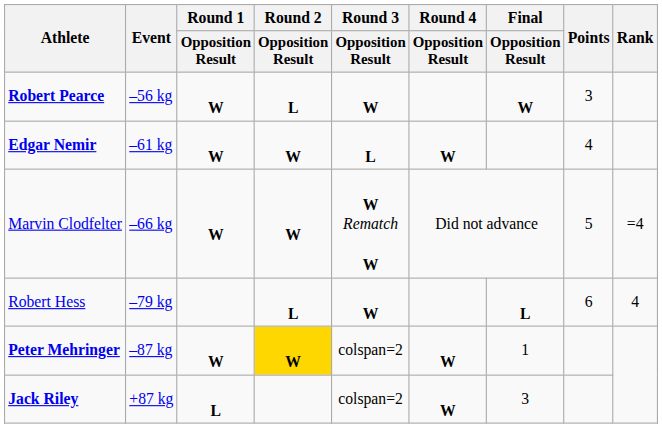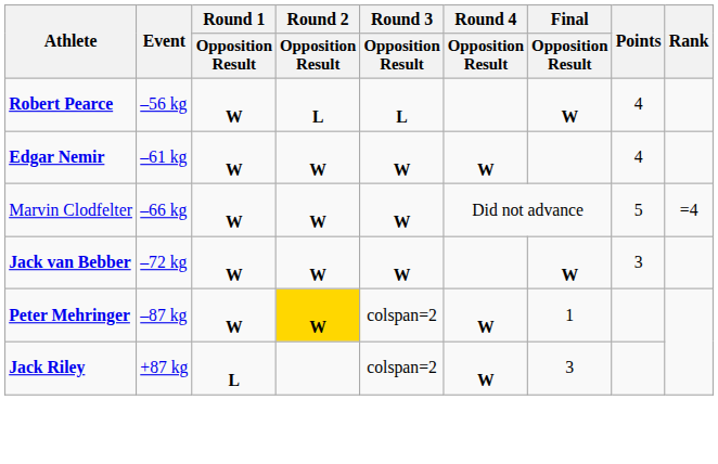 <table class="wikitable" style="font-size:90%;">
 <tr>
 <th rowspan=2>Athlete</th>
 <th rowspan=2>Event</th>
 <th>Round 1</th>
 <th>Round 2</th>
 <th>Round 3</th>
 <th>Round 4</th>
 <th>Final</th>
 <th rowspan=2>Points</th>
 <th rowspan=2>Rank</th>
 </tr>
 <tr style="font-size: 95%">
 <th>Opposition<br>Result</th>
 <th>Opposition<br>Result</th>
 <th>Opposition<br>Result</th>
 <th>Opposition<br>Result</th>
 <th>Opposition<br>Result</th>
 </tr>
 <tr align=center>
 <td align=left><strong><a href='#'>Robert Pearce</a></strong></td>
 <td align=left><a href='#'>–56 kg</a></td>
 <td><br><strong>W</strong> <sup></sup></td>
 <td><br><strong>L</strong> <sup></sup></td>
-<td><br><strong>W</strong> <sup></sup></td>
+<td><br><strong>L</strong> <sup></sup></td>
 <td></td>
 <td><br><strong>W</strong> <sup></sup></td>
-<td>3</td>
+<td>4</td>
 <td></td>
 </tr>
 <tr align=center>
 <td align=left><strong><a href='#'>Edgar Nemir</a></strong></td>
 <td align=left><a href='#'>–61 kg</a></td>
 <td><br><strong>W</strong> <sup></sup></td>
 <td><br><strong>W</strong> <sup></sup></td>
-<td><br><strong>L</strong> <sup></sup></td>
+<td><br><strong>W</strong> <sup></sup></td>
 <td><br><strong>W</strong> <sup></sup></td>
 <td></td>
 <td>4</td>
 <td></td>
 </tr>
 <tr align=center>
 <td align=left><a href='#'>Marvin Clodfelter</a></td>
 <td align=left><a href='#'>–66 kg</a></td>
 <td><br><strong>W</strong> <sup></sup></td>
 <td><br><strong>W</strong> <sup></sup></td>
-<td><br><strong>W</strong> <sup></sup><br><em>Rematch</em><br><br><strong>W</strong> <sup></sup></td>
+<td><br><strong>W</strong> <sup></sup></td>
 <td colspan=2>Did not advance</td>
 <td>5</td>
 <td>=4</td>
 </tr>
 <tr align=center>
-<td align=left><a href='#'>Robert Hess</a></td>
-<td align=left><a href='#'>–79 kg</a></td>
-<td></td>
-<td><br><strong>L</strong> <sup></sup></td>
+<td align=left><strong><a href='#'>Jack van Bebber</a></strong></td>
+<td align=left><a href='#'>–72 kg</a></td>
+<td><br><strong>W</strong> <sup></sup></td>
+<td><br><strong>W</strong> <sup></sup></td>
 <td><br><strong>W</strong> <sup></sup></td>
 <td></td>
-<td><br><strong>L</strong> <sup></sup></td>
-<td>6</td>
-<td>4</td>
+<td><br><strong>W</strong> <sup></sup></td>
+<td>3</td>
+<td></td>
 </tr>
 <tr align=center>
 <td align=left><strong><a href='#'>Peter Mehringer</a></strong></td>
 <td align=left><a href='#'>–87 kg</a></td>
 <td><br><strong>W</strong> <sup></sup></td>
 <td style="background: gold;"><br><strong>W</strong> <sup></sup></td>
 <td>colspan=2 </td>
 <td><br><strong>W</strong> <sup></sup></td>
 <td>1</td>
 <td></td>
 </tr>
 <tr align=center>
 <td align=left><strong><a href='#'>Jack Riley</a></strong></td>
 <td align=left><a href='#'>+87 kg</a></td>
 <td><br><strong>L</strong> <sup></sup></td>
 <td></td>
 <td>colspan=2 </td>
 <td><br><strong>W</strong> <sup></sup></td>
 <td>3</td>
 <td></td>
 </tr>
 </table>
